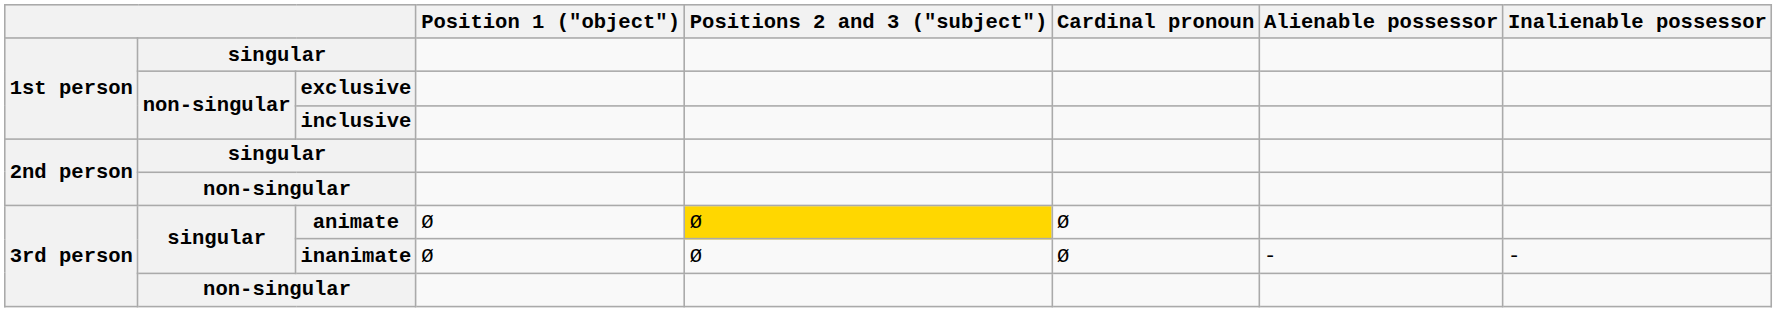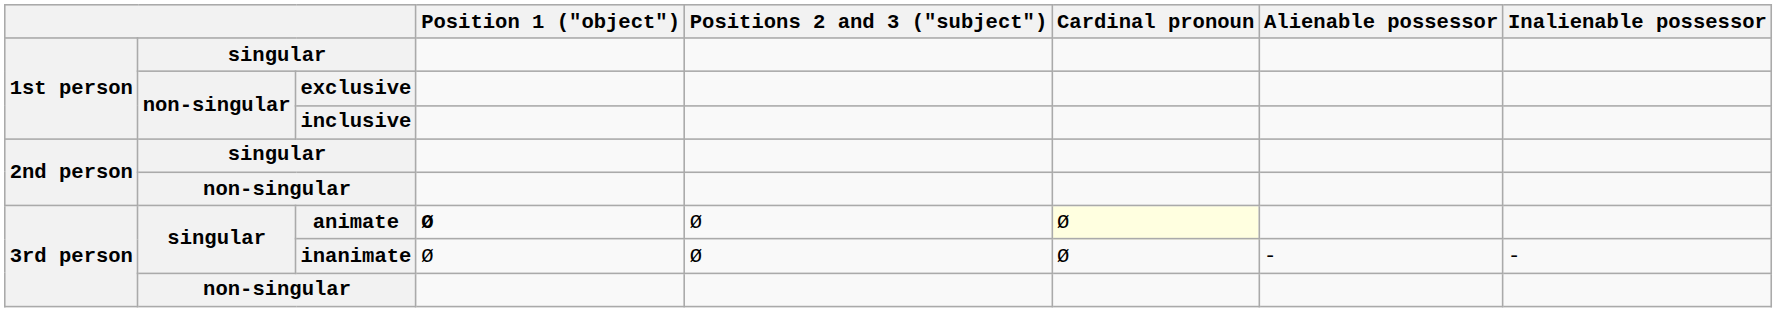 <table class="wikitable">
 <tr>
 <th colspan="3"></th>
 <th>Position 1 ("object")</th>
 <th>Positions 2 and 3 ("subject")</th>
 <th>Cardinal pronoun</th>
 <th>Alienable possessor</th>
 <th>Inalienable possessor</th>
 </tr>
 <tr>
 <th rowspan="3">1st person</th>
 <th colspan="2">singular</th>
 <td></td>
 <td></td>
 <td></td>
 <td></td>
 <td></td>
 </tr>
 <tr>
 <th rowspan="2">non-singular</th>
 <th>exclusive</th>
 <td></td>
 <td></td>
 <td></td>
 <td></td>
 <td></td>
 </tr>
 <tr>
 <th>inclusive</th>
 <td></td>
 <td></td>
 <td></td>
 <td></td>
 <td></td>
 </tr>
 <tr>
 <th rowspan="2">2nd person</th>
 <th colspan="2">singular</th>
 <td></td>
 <td></td>
 <td></td>
 <td></td>
 <td></td>
 </tr>
 <tr>
 <th colspan="2">non-singular</th>
 <td></td>
 <td></td>
 <td></td>
 <td></td>
 <td></td>
 </tr>
 <tr>
 <th rowspan="3">3rd person</th>
 <th rowspan="2">singular</th>
 <th>animate</th>
+<td><strong>Ø</strong></td>
 <td>Ø</td>
-<td style="background: gold;">Ø</td>
-<td>Ø</td>
+<td style="background: lightyellow;">Ø</td>
 <td></td>
 <td></td>
 </tr>
 <tr>
 <th>inanimate</th>
 <td>Ø</td>
 <td>Ø</td>
 <td>Ø</td>
 <td>-</td>
 <td>-</td>
 </tr>
 <tr>
 <th colspan="2">non-singular</th>
 <td></td>
 <td></td>
 <td></td>
 <td></td>
 <td></td>
 </tr>
 </table>
